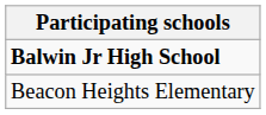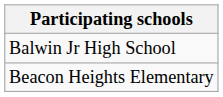 <table class="wikitable" align=right>
 <tr>
 <th>Participating schools</th>
 </tr>
 <tr>
-<td><strong>Balwin Jr High School</strong></td>
+<td>Balwin Jr High School</td>
 </tr>
 <tr>
 <td>Beacon Heights Elementary</td>
 </tr>
 </table>
